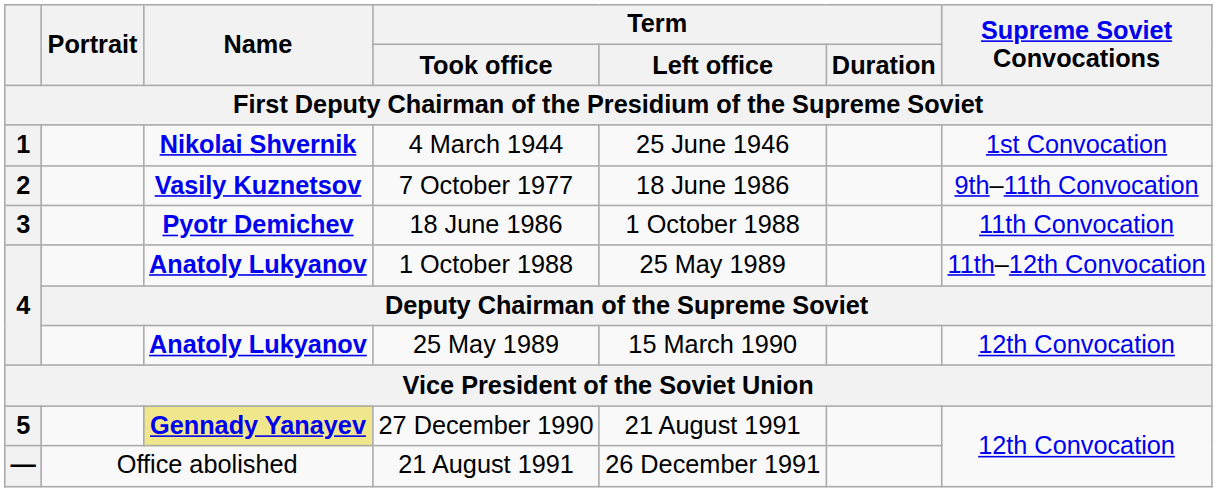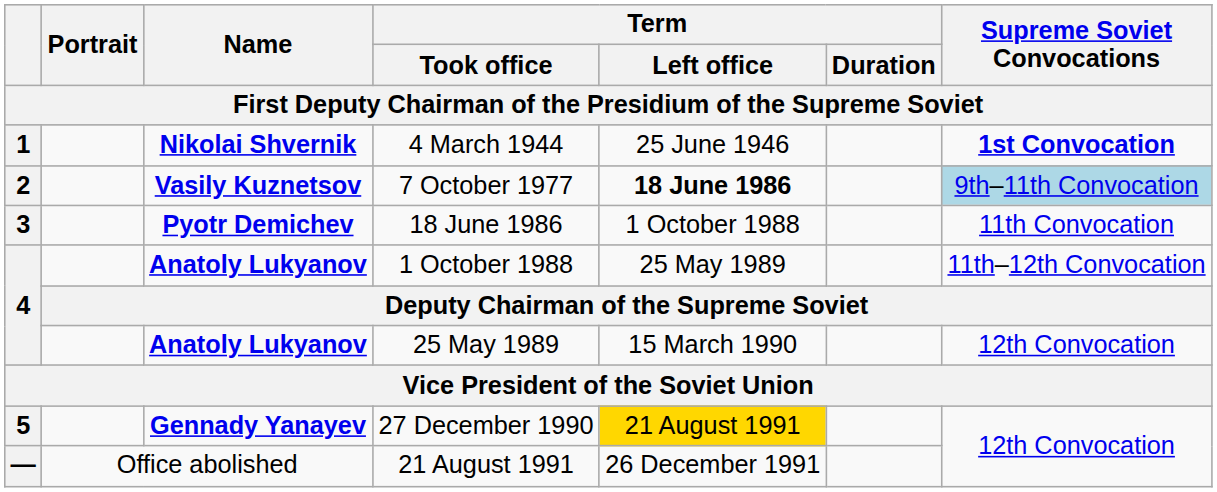 <table class="wikitable" style="text-align:center;">
 <tr>
 <th rowspan=2><br></th>
 <th rowspan=2>Portrait</th>
 <th rowspan=2>Name<br></th>
 <th colspan=3>Term</th>
 <th rowspan=2><a href='#'>Supreme Soviet</a><br>Convocations<br></th>
 </tr>
 <tr>
 <th>Took office</th>
 <th>Left office</th>
 <th>Duration</th>
 </tr>
 <tr>
 <th colspan=7>First Deputy Chairman of the Presidium of the Supreme Soviet<br></th>
 </tr>
 <tr>
 <th>1</th>
 <td></td>
 <td><strong><a href='#'>Nikolai Shvernik</a></strong><br></td>
 <td>4 March 1944</td>
 <td>25 June 1946</td>
 <td></td>
-<td><a href='#'>1st Convocation</a></td>
+<td><strong><a href='#'>1st Convocation</a></strong></td>
 </tr>
 <tr>
 <th>2</th>
 <td></td>
 <td><strong><a href='#'>Vasily Kuznetsov</a></strong><br></td>
 <td>7 October 1977</td>
-<td>18 June 1986</td>
+<td><strong>18 June 1986</strong></td>
 <td></td>
-<td><a href='#'>9th</a>–<a href='#'>11th Convocation</a></td>
+<td style="background: lightblue;"><a href='#'>9th</a>–<a href='#'>11th Convocation</a></td>
 </tr>
 <tr>
 <th>3</th>
 <td></td>
 <td><strong><a href='#'>Pyotr Demichev</a></strong><br></td>
 <td>18 June 1986</td>
 <td>1 October 1988</td>
 <td></td>
 <td><a href='#'>11th Convocation</a></td>
 </tr>
 <tr>
 <th rowspan=3>4</th>
 <td></td>
 <td><strong><a href='#'>Anatoly Lukyanov</a></strong><br></td>
 <td>1 October 1988</td>
 <td>25 May 1989</td>
 <td></td>
 <td><a href='#'>11th</a>–<a href='#'>12th Convocation</a></td>
 </tr>
 <tr>
 <th colspan=6>Deputy Chairman of the Supreme Soviet<br></th>
 </tr>
 <tr>
 <td></td>
 <td><strong><a href='#'>Anatoly Lukyanov</a></strong><br></td>
 <td>25 May 1989</td>
 <td>15 March 1990</td>
 <td></td>
 <td><a href='#'>12th Convocation</a></td>
 </tr>
 <tr>
 <th colspan=7>Vice President of the Soviet Union<br></th>
 </tr>
 <tr>
 <th>5</th>
 <td></td>
-<td style="background: khaki;"><strong><a href='#'>Gennady Yanayev</a></strong><br></td>
+<td><strong><a href='#'>Gennady Yanayev</a></strong><br></td>
 <td>27 December 1990</td>
-<td>21 August 1991</td>
+<td style="background: gold;">21 August 1991</td>
 <td></td>
 <td rowspan=2><a href='#'>12th Convocation</a></td>
 </tr>
 <tr>
 <th>—</th>
 <td colspan=2>Office abolished</td>
 <td>21 August 1991</td>
 <td>26 December 1991</td>
 <td></td>
 </tr>
 </table>
